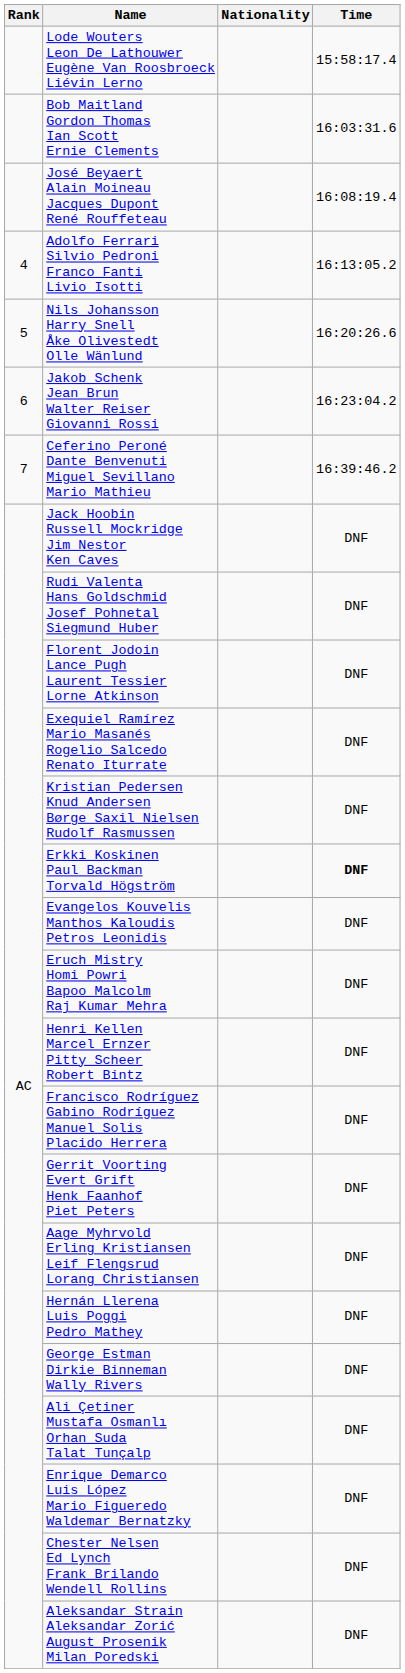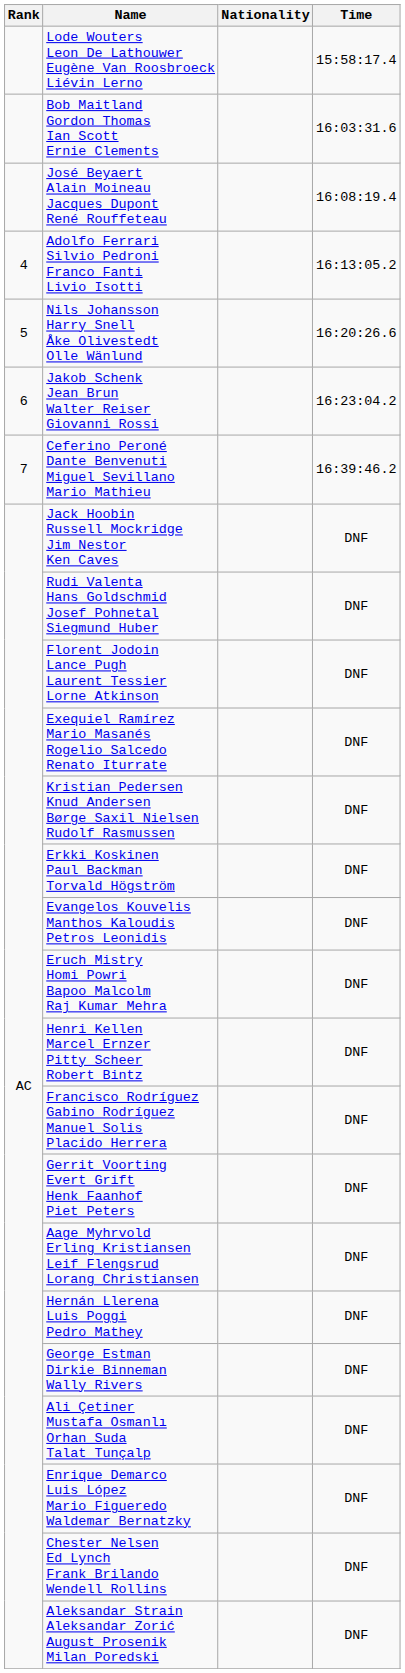 <table class="wikitable sortable" style="text-align:center">
 <tr>
 <th>Rank</th>
 <th>Name</th>
 <th>Nationality</th>
 <th>Time</th>
 </tr>
 <tr>
 <td></td>
 <td align=left><a href='#'>Lode Wouters</a><br><a href='#'>Leon De Lathouwer</a><br><a href='#'>Eugène Van Roosbroeck</a><br><a href='#'>Liévin Lerno</a></td>
 <td align=left></td>
 <td>15:58:17.4</td>
 </tr>
 <tr>
 <td></td>
 <td align=left><a href='#'>Bob Maitland</a><br><a href='#'>Gordon Thomas</a><br><a href='#'>Ian Scott</a><br><a href='#'>Ernie Clements</a></td>
 <td align=left></td>
 <td>16:03:31.6</td>
 </tr>
 <tr>
 <td></td>
 <td align=left><a href='#'>José Beyaert</a><br><a href='#'>Alain Moineau</a><br><a href='#'>Jacques Dupont</a><br><a href='#'>René Rouffeteau</a></td>
 <td align=left></td>
 <td>16:08:19.4</td>
 </tr>
 <tr>
 <td>4</td>
 <td align=left><a href='#'>Adolfo Ferrari</a><br><a href='#'>Silvio Pedroni</a><br><a href='#'>Franco Fanti</a><br><a href='#'>Livio Isotti</a></td>
 <td align=left></td>
 <td>16:13:05.2</td>
 </tr>
 <tr>
 <td>5</td>
 <td align=left><a href='#'>Nils Johansson</a><br><a href='#'>Harry Snell</a><br><a href='#'>Åke Olivestedt</a><br><a href='#'>Olle Wänlund</a></td>
 <td align=left></td>
 <td>16:20:26.6</td>
 </tr>
 <tr>
 <td>6</td>
 <td align=left><a href='#'>Jakob Schenk</a><br><a href='#'>Jean Brun</a><br><a href='#'>Walter Reiser</a><br><a href='#'>Giovanni Rossi</a></td>
 <td align=left></td>
 <td>16:23:04.2</td>
 </tr>
 <tr>
 <td>7</td>
 <td align=left><a href='#'>Ceferino Peroné</a><br><a href='#'>Dante Benvenuti</a><br><a href='#'>Miguel Sevillano</a><br><a href='#'>Mario Mathieu</a></td>
 <td align=left></td>
 <td>16:39:46.2</td>
 </tr>
 <tr>
 <td rowspan=18>AC</td>
 <td align=left><a href='#'>Jack Hoobin</a><br><a href='#'>Russell Mockridge</a><br><a href='#'>Jim Nestor</a><br><a href='#'>Ken Caves</a></td>
 <td align=left></td>
 <td>DNF</td>
 </tr>
 <tr>
 <td align=left><a href='#'>Rudi Valenta</a><br><a href='#'>Hans Goldschmid</a><br><a href='#'>Josef Pohnetal</a><br><a href='#'>Siegmund Huber</a></td>
 <td align=left></td>
 <td>DNF</td>
 </tr>
 <tr>
 <td align=left><a href='#'>Florent Jodoin</a><br><a href='#'>Lance Pugh</a><br><a href='#'>Laurent Tessier</a><br><a href='#'>Lorne Atkinson</a></td>
 <td align=left></td>
 <td>DNF</td>
 </tr>
 <tr>
 <td align=left><a href='#'>Exequiel Ramírez</a><br><a href='#'>Mario Masanés</a><br><a href='#'>Rogelio Salcedo</a><br><a href='#'>Renato Iturrate</a></td>
 <td align=left></td>
 <td>DNF</td>
 </tr>
 <tr>
 <td align=left><a href='#'>Kristian Pedersen</a><br><a href='#'>Knud Andersen</a><br><a href='#'>Børge Saxil Nielsen</a><br><a href='#'>Rudolf Rasmussen</a></td>
 <td align=left></td>
 <td>DNF</td>
 </tr>
 <tr>
 <td align=left><a href='#'>Erkki Koskinen</a><br><a href='#'>Paul Backman</a><br><a href='#'>Torvald Högström</a></td>
 <td align=left></td>
-<td><strong>DNF</strong></td>
+<td>DNF</td>
 </tr>
 <tr>
 <td align=left><a href='#'>Evangelos Kouvelis</a><br><a href='#'>Manthos Kaloudis</a><br><a href='#'>Petros Leonidis</a></td>
 <td align=left></td>
 <td>DNF</td>
 </tr>
 <tr>
 <td align=left><a href='#'>Eruch Mistry</a><br><a href='#'>Homi Powri</a><br><a href='#'>Bapoo Malcolm</a><br><a href='#'>Raj Kumar Mehra</a></td>
 <td align=left></td>
 <td>DNF</td>
 </tr>
 <tr>
 <td align=left><a href='#'>Henri Kellen</a><br><a href='#'>Marcel Ernzer</a><br><a href='#'>Pitty Scheer</a><br><a href='#'>Robert Bintz</a></td>
 <td align=left></td>
 <td>DNF</td>
 </tr>
 <tr>
 <td align=left><a href='#'>Francisco Rodríguez</a><br><a href='#'>Gabino Rodríguez</a><br><a href='#'>Manuel Solis</a><br><a href='#'>Placido Herrera</a></td>
 <td align=left></td>
 <td>DNF</td>
 </tr>
 <tr>
 <td align=left><a href='#'>Gerrit Voorting</a><br><a href='#'>Evert Grift</a><br><a href='#'>Henk Faanhof</a><br><a href='#'>Piet Peters</a></td>
 <td align=left></td>
 <td>DNF</td>
 </tr>
 <tr>
 <td align=left><a href='#'>Aage Myhrvold</a><br><a href='#'>Erling Kristiansen</a><br><a href='#'>Leif Flengsrud</a><br><a href='#'>Lorang Christiansen</a></td>
 <td align=left></td>
 <td>DNF</td>
 </tr>
 <tr>
 <td align=left><a href='#'>Hernán Llerena</a><br><a href='#'>Luis Poggi</a><br><a href='#'>Pedro Mathey</a></td>
 <td align=left></td>
 <td>DNF</td>
 </tr>
 <tr>
 <td align=left><a href='#'>George Estman</a><br><a href='#'>Dirkie Binneman</a><br><a href='#'>Wally Rivers</a></td>
 <td align=left></td>
 <td>DNF</td>
 </tr>
 <tr>
 <td align=left><a href='#'>Ali Çetiner</a><br><a href='#'>Mustafa Osmanlı</a><br><a href='#'>Orhan Suda</a><br><a href='#'>Talat Tunçalp</a></td>
 <td align=left></td>
 <td>DNF</td>
 </tr>
 <tr>
 <td align=left><a href='#'>Enrique Demarco</a><br><a href='#'>Luis López</a><br><a href='#'>Mario Figueredo</a><br><a href='#'>Waldemar Bernatzky</a></td>
 <td align=left></td>
 <td>DNF</td>
 </tr>
 <tr>
 <td align=left><a href='#'>Chester Nelsen</a><br><a href='#'>Ed Lynch</a><br><a href='#'>Frank Brilando</a><br><a href='#'>Wendell Rollins</a></td>
 <td align=left></td>
 <td>DNF</td>
 </tr>
 <tr>
 <td align=left><a href='#'>Aleksandar Strain</a><br><a href='#'>Aleksandar Zorić</a><br><a href='#'>August Prosenik</a><br><a href='#'>Milan Poredski</a></td>
 <td align=left></td>
 <td>DNF</td>
 </tr>
 <tr>
 </tr>
 </table>
